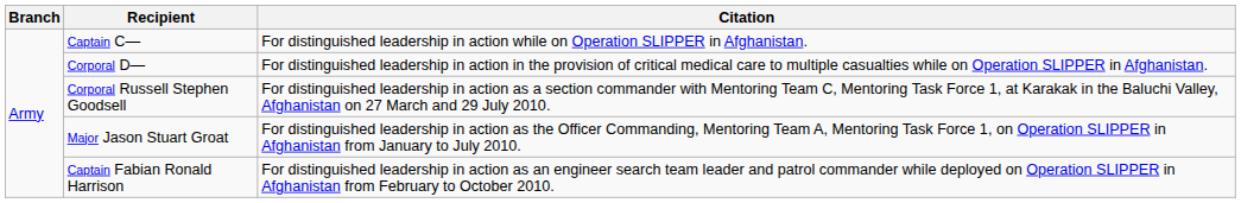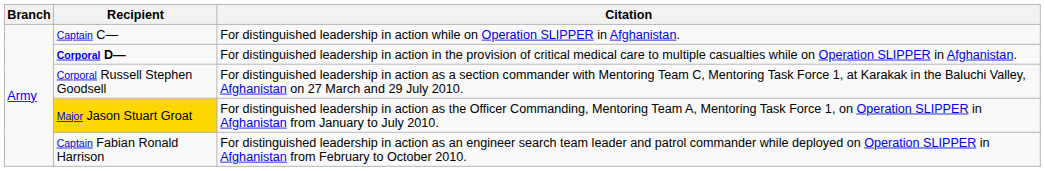 <table class="wikitable" style="font-size:95%;">
 <tr>
 <th>Branch</th>
 <th scope="col" width="190">Recipient</th>
 <th>Citation</th>
 </tr>
 <tr>
 <td rowspan="5"><a href='#'>Army</a></td>
 <td><small><a href='#'>Captain</a></small> C—</td>
 <td>For distinguished leadership in action while on <a href='#'>Operation SLIPPER</a> in <a href='#'>Afghanistan</a>.</td>
 </tr>
 <tr>
-<td><small><a href='#'>Corporal</a></small> D—</td>
+<td><strong><small><a href='#'>Corporal</a></small> D—</strong></td>
 <td>For distinguished leadership in action in the provision of critical medical care to multiple casualties while on <a href='#'>Operation SLIPPER</a> in <a href='#'>Afghanistan</a>.</td>
 </tr>
 <tr>
 <td><small><a href='#'>Corporal</a></small> Russell Stephen Goodsell</td>
 <td>For distinguished leadership in action as a section commander with Mentoring Team C, Mentoring Task Force 1, at Karakak in the Baluchi Valley, <a href='#'>Afghanistan</a> on 27 March and 29 July 2010.</td>
 </tr>
 <tr>
-<td><small><a href='#'>Major</a></small> Jason Stuart Groat</td>
+<td style="background: gold;"><small><a href='#'>Major</a></small> Jason Stuart Groat</td>
 <td>For distinguished leadership in action as the Officer Commanding, Mentoring Team A, Mentoring Task Force 1, on <a href='#'>Operation SLIPPER</a> in <a href='#'>Afghanistan</a> from January to July 2010.</td>
 </tr>
 <tr>
 <td><small><a href='#'>Captain</a></small> Fabian Ronald Harrison</td>
 <td>For distinguished leadership in action as an engineer search team leader and patrol commander while deployed on <a href='#'>Operation SLIPPER</a> in <a href='#'>Afghanistan</a> from February to October 2010.</td>
 </tr>
 </table>
